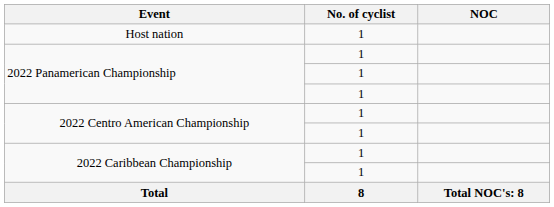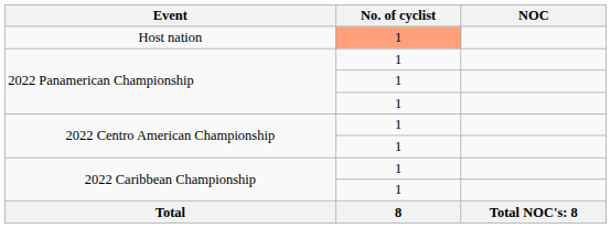 <table class="wikitable" style="width:700px; text-align:center;">
 <tr>
 <th>Event</th>
 <th>No. of cyclist</th>
 <th>NOC</th>
 </tr>
 <tr>
 <td>Host nation</td>
-<td>1</td>
+<td style="background: lightsalmon;">1</td>
 <td></td>
 </tr>
 <tr>
 <td rowspan="3" align="left">2022 Panamerican Championship</td>
 <td>1</td>
 <td align="left"></td>
 </tr>
 <tr>
 <td>1</td>
 <td align="left"></td>
 </tr>
 <tr>
 <td>1</td>
 <td align="left"></td>
 </tr>
 <tr>
 <td rowspan="2">2022 Centro American Championship</td>
 <td>1</td>
 <td></td>
 </tr>
 <tr>
 <td>1</td>
 <td></td>
 </tr>
 <tr>
 <td rowspan="2">2022 Caribbean Championship</td>
 <td>1</td>
 <td></td>
 </tr>
 <tr>
 <td>1</td>
 <td></td>
 </tr>
 <tr>
 <th>Total</th>
 <th>8</th>
 <th>Total NOC's: 8</th>
 </tr>
 </table>
